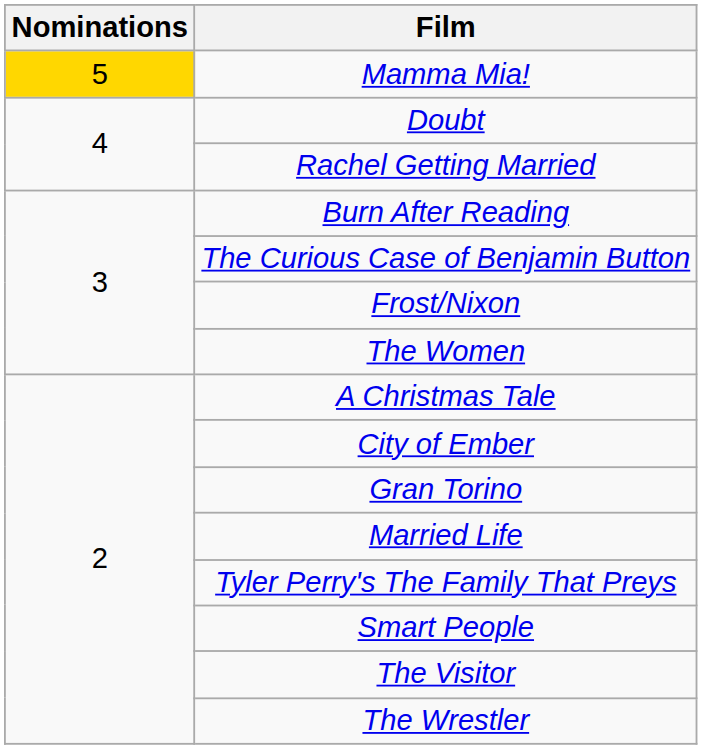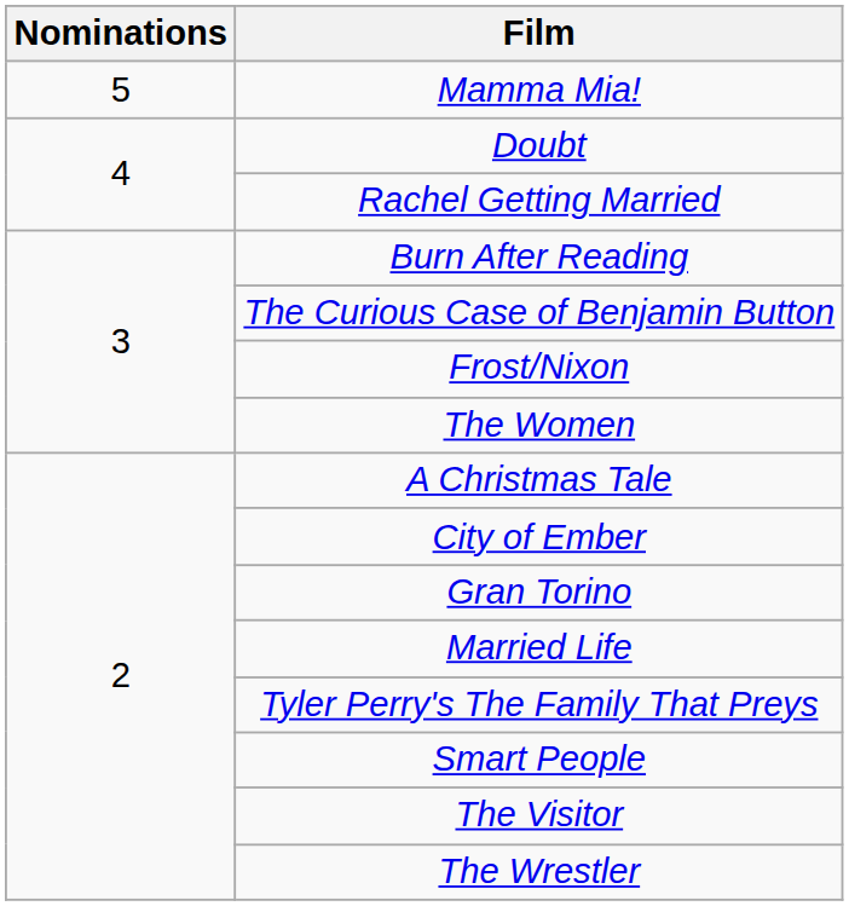 <table class="wikitable plainrowheaders" style="text-align:center;">
 <tr>
 <th scope="col" style="width:55px;">Nominations</th>
 <th scope="col" style="text-align:center;">Film</th>
 </tr>
 <tr>
-<td scope=row rowspan=1 style="background: gold; text-align:center;">5</td>
+<td scope=row rowspan=1 style="text-align:center;">5</td>
 <td><em><a href='#'>Mamma Mia!</a></em></td>
 </tr>
 <tr>
 <td scope=row rowspan=2 style="text-align:center;">4</td>
 <td><em><a href='#'>Doubt</a></em></td>
 </tr>
 <tr>
 <td><em><a href='#'>Rachel Getting Married</a></em></td>
 </tr>
 <tr>
 <td scope=row rowspan=4 style="text-align:center;">3</td>
 <td><em><a href='#'>Burn After Reading</a></em></td>
 </tr>
 <tr>
 <td><em><a href='#'>The Curious Case of Benjamin Button</a></em></td>
 </tr>
 <tr>
 <td><em><a href='#'>Frost/Nixon</a></em></td>
 </tr>
 <tr>
 <td><em><a href='#'>The Women</a></em></td>
 </tr>
 <tr>
 <td scope=row rowspan=8 style="text-align:center;">2</td>
 <td><em><a href='#'>A Christmas Tale</a></em></td>
 </tr>
 <tr>
 <td><em><a href='#'>City of Ember</a></em></td>
 </tr>
 <tr>
 <td><em><a href='#'>Gran Torino</a></em></td>
 </tr>
 <tr>
 <td><em><a href='#'>Married Life</a></em></td>
 </tr>
 <tr>
 <td><em><a href='#'>Tyler Perry's The Family That Preys</a></em></td>
 </tr>
 <tr>
 <td><em><a href='#'>Smart People</a></em></td>
 </tr>
 <tr>
 <td><em><a href='#'>The Visitor</a></em></td>
 </tr>
 <tr>
 <td><em><a href='#'>The Wrestler</a></em></td>
 </tr>
 </table>
